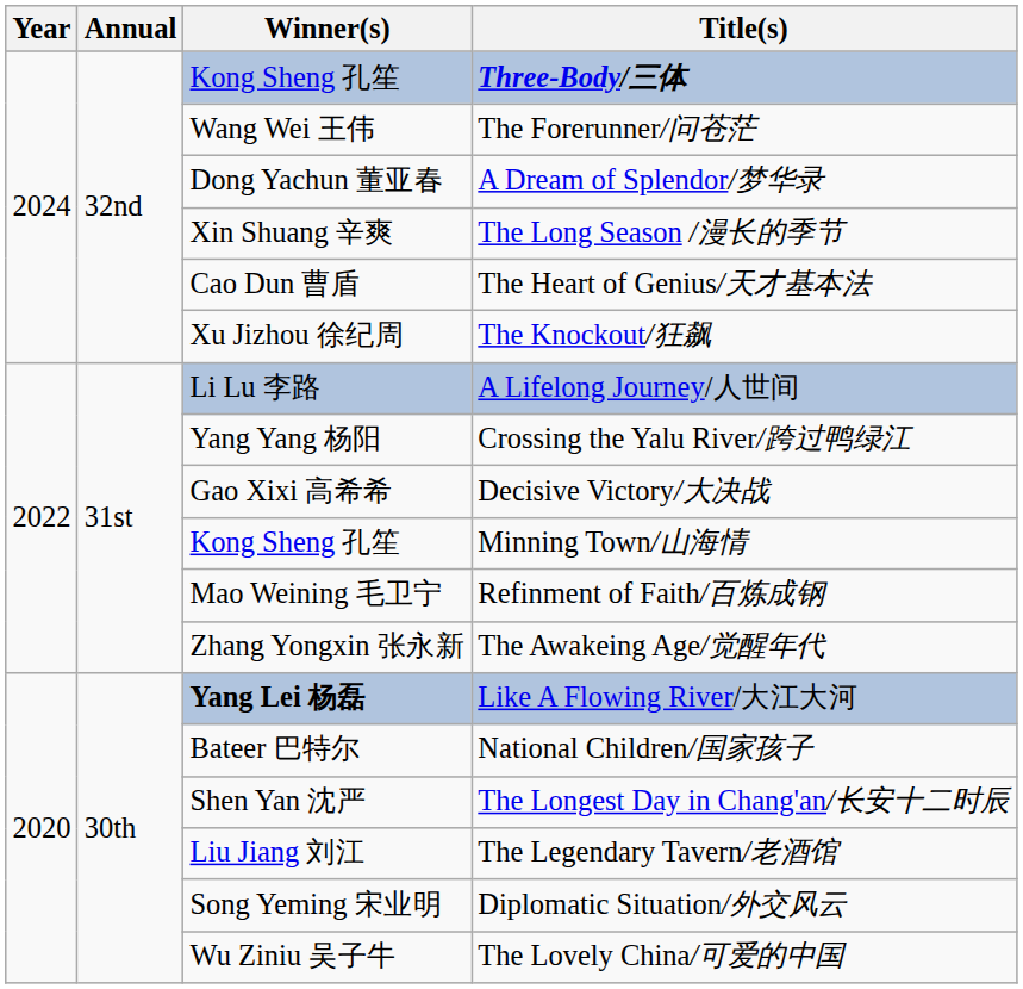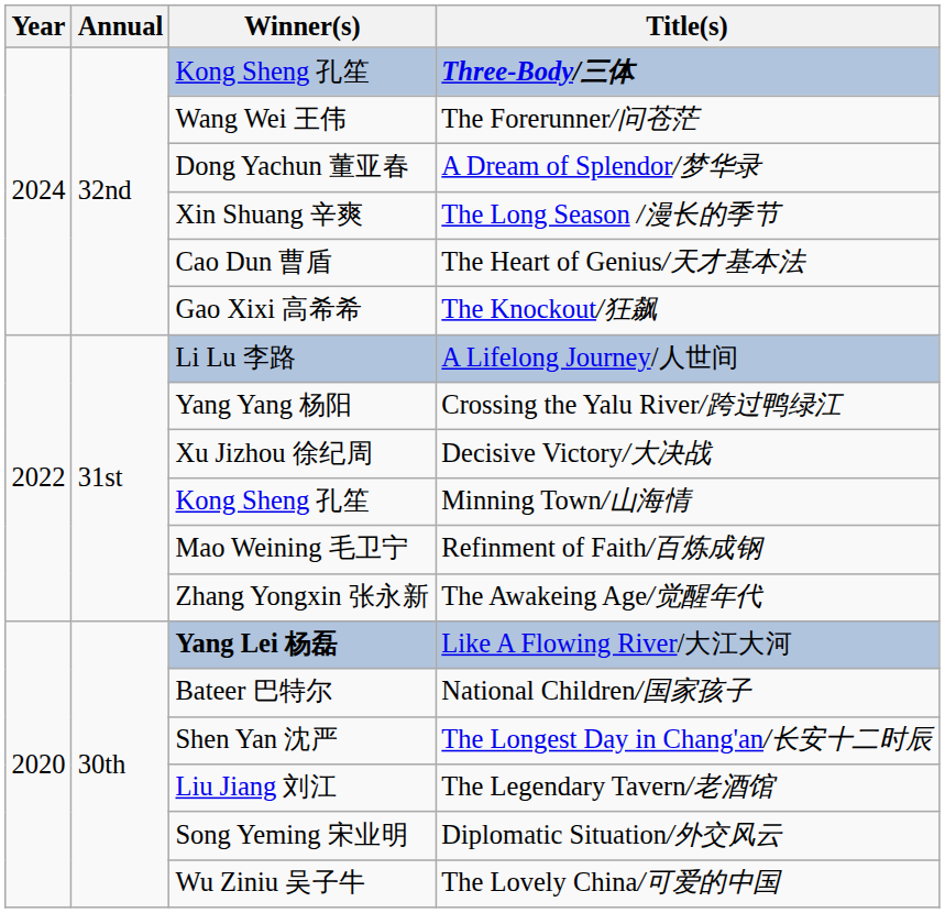 <table class="wikitable">
 <tr>
 <th>Year</th>
 <th>Annual</th>
 <th>Winner(s)</th>
 <th>Title(s)</th>
 </tr>
 <tr>
 <td rowspan="6" style="text-align:center;">2024</td>
 <td rowspan="6">32nd</td>
 <td style="background:#B0C4DE;"></strong><a href='#'>Kong Sheng</a> 孔笙<strong></td>
 <td style="background:#B0C4DE;"><strong><em><a href='#'>Three-Body</a><em>/三体<strong></td>
 </tr>
 <tr>
 <td>Wang Wei 王伟</td>
 <td></em>The Forerunner<em>/问苍茫</td>
 </tr>
 <tr>
 <td>Dong Yachun 董亚春</td>
 <td></em><a href='#'>A Dream of Splendor</a><em>/梦华录</td>
 </tr>
 <tr>
 <td>Xin Shuang 辛爽</td>
 <td></em><a href='#'>The Long Season</a> <em>/漫长的季节</td>
 </tr>
 <tr>
 <td>Cao Dun 曹盾</td>
 <td></em>The Heart of Genius<em>/天才基本法</td>
 </tr>
 <tr>
-<td>Xu Jizhou 徐纪周</td>
+<td>Gao Xixi 高希希</td>
 <td></em><a href='#'>The Knockout</a><em>/狂飙</td>
 </tr>
 <tr>
 <td rowspan="6" style="text-align:center;">2022</td>
 <td rowspan="6">31st</td>
 <td style="background:#B0C4DE;"></strong>Li Lu 李路<strong></td>
 <td style="background:#B0C4DE;"></em></strong><a href='#'>A Lifelong Journey</a>/人世间<strong><em></td>
 </tr>
 <tr>
 <td>Yang Yang 杨阳</td>
 <td></em>Crossing the Yalu River<em>/跨过鸭绿江</td>
 </tr>
 <tr>
-<td>Gao Xixi 高希希</td>
+<td>Xu Jizhou 徐纪周</td>
 <td></em>Decisive Victory<em>/大决战</td>
 </tr>
 <tr>
 <td><a href='#'>Kong Sheng</a> 孔笙</td>
 <td></em>Minning Town<em>/山海情</td>
 </tr>
 <tr>
 <td>Mao Weining 毛卫宁</td>
 <td></em>Refinment of Faith<em>/百炼成钢</td>
 </tr>
 <tr>
 <td>Zhang Yongxin 张永新</td>
 <td></em>The Awakeing Age<em>/觉醒年代</td>
 </tr>
 <tr>
 <td rowspan="6" style="text-align:center;">2020</td>
 <td rowspan="6">30th</td>
 <td style="background:#B0C4DE;"><strong>Yang Lei 杨磊</strong></td>
 <td style="background:#B0C4DE;"></em></strong><a href='#'>Like A Flowing River</a>/大江大河<strong><em></td>
 </tr>
 <tr>
 <td>Bateer 巴特尔</td>
 <td></em>National Children<em>/国家孩子</td>
 </tr>
 <tr>
 <td>Shen Yan 沈严</td>
 <td></em><a href='#'>The Longest Day in Chang'an</a><em>/长安十二时辰</td>
 </tr>
 <tr>
 <td><a href='#'>Liu Jiang</a> 刘江</td>
 <td></em>The Legendary Tavern<em>/老酒馆</td>
 </tr>
 <tr>
 <td>Song Yeming 宋业明</td>
 <td></em>Diplomatic Situation<em>/外交风云</td>
 </tr>
 <tr>
 <td>Wu Ziniu 吴子牛</td>
 <td></em>The Lovely China<em>/可爱的中国</td>
 </tr>
 </table>
